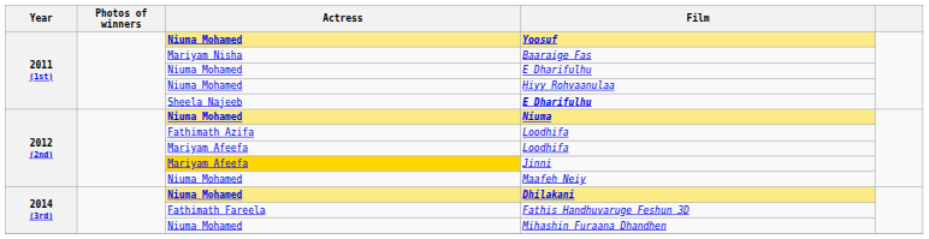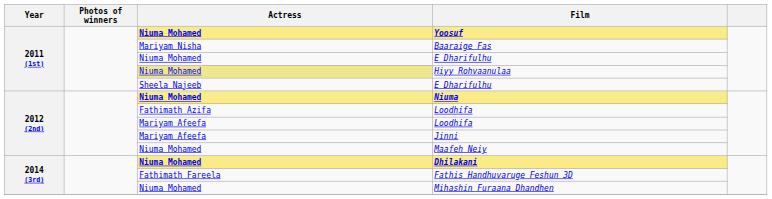 <table class="wikitable sortable" style="text-align:left;">
 <tr>
 <th scope="col" style="width:3%; text-align:center;">Year</th>
 <th scope="col" style="width:3%;text-align:center;">Photos of winners</th>
 <th scope="col" style="width:15%;text-align:center;">Actress</th>
 <th scope="col" style="width:15%;text-align:center;">Film</th>
 <th scope="col" style="width:2%" class="unsortable"></th>
 </tr>
 <tr>
 <th scope="row" rowspan=5 style="text-align:center">2011 <br><small><a href='#'>(1st)</a> </small></th>
 <td rowspan=5 style="text-align:center"></td>
 <td style="background:#FAEB86;"><strong><a href='#'>Niuma Mohamed</a></strong></td>
 <td style="background:#FAEB86;"><strong><em><a href='#'>Yoosuf</a></em></strong></td>
 <td rowspan=5 style="text-align: center;"></td>
 </tr>
 <tr>
 <td><a href='#'>Mariyam Nisha</a></td>
 <td><em><a href='#'>Baaraige Fas</a></em></td>
 </tr>
 <tr>
 <td><a href='#'>Niuma Mohamed</a></td>
 <td><em><a href='#'>E Dharifulhu</a></em></td>
 </tr>
 <tr>
-<td><a href='#'>Niuma Mohamed</a></td>
+<td style="background: khaki;"><a href='#'>Niuma Mohamed</a></td>
 <td><em><a href='#'>Hiyy Rohvaanulaa</a></em></td>
 </tr>
 <tr>
 <td><a href='#'>Sheela Najeeb</a></td>
-<td><strong><em><a href='#'>E Dharifulhu</a></em></strong></td>
+<td><em><a href='#'>E Dharifulhu</a></em></td>
 </tr>
 <tr>
 <th scope="row" rowspan=5 style="text-align:center">2012 <br><small><a href='#'>(2nd)</a> </small></th>
 <td rowspan=5 style="text-align:center"></td>
 <td style="background:#FAEB86;"><strong><a href='#'>Niuma Mohamed</a></strong></td>
 <td style="background:#FAEB86;"><strong><em><a href='#'>Niuma</a></em></strong></td>
 <td rowspan=5 style="text-align: center;"></td>
 </tr>
 <tr>
 <td><a href='#'>Fathimath Azifa</a></td>
 <td><em><a href='#'>Loodhifa</a></em></td>
 </tr>
 <tr>
 <td><a href='#'>Mariyam Afeefa</a></td>
 <td><em><a href='#'>Loodhifa</a></em></td>
 </tr>
 <tr>
-<td style="background: gold;"><a href='#'>Mariyam Afeefa</a></td>
+<td><a href='#'>Mariyam Afeefa</a></td>
 <td><em><a href='#'>Jinni</a></em></td>
 </tr>
 <tr>
 <td><a href='#'>Niuma Mohamed</a></td>
 <td><em><a href='#'>Maafeh Neiy</a></em></td>
 </tr>
 <tr>
 <th scope="row" rowspan=3 style="text-align:center">2014 <br><small><a href='#'>(3rd)</a> </small></th>
 <td rowspan=3 style="text-align:center"></td>
 <td style="background:#FAEB86;"><strong><a href='#'>Niuma Mohamed</a></strong></td>
 <td style="background:#FAEB86;"><strong><em><a href='#'>Dhilakani</a></em></strong></td>
 <td rowspan=3 style="text-align: center;"></td>
 </tr>
 <tr>
 <td><a href='#'>Fathimath Fareela</a></td>
 <td><em><a href='#'>Fathis Handhuvaruge Feshun 3D</a></em></td>
 </tr>
 <tr>
 <td><a href='#'>Niuma Mohamed</a></td>
 <td><em><a href='#'>Mihashin Furaana Dhandhen</a></em></td>
 </tr>
 <tr>
 </tr>
 </table>
